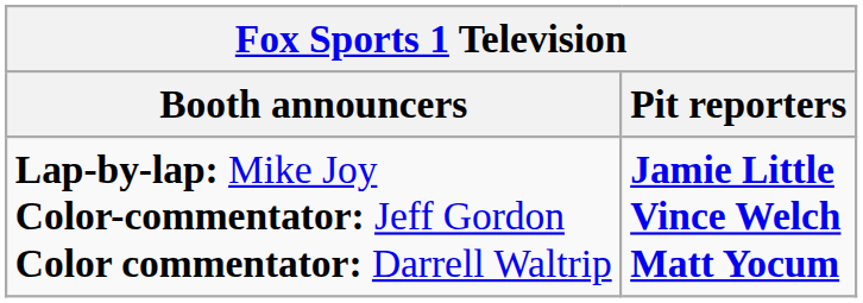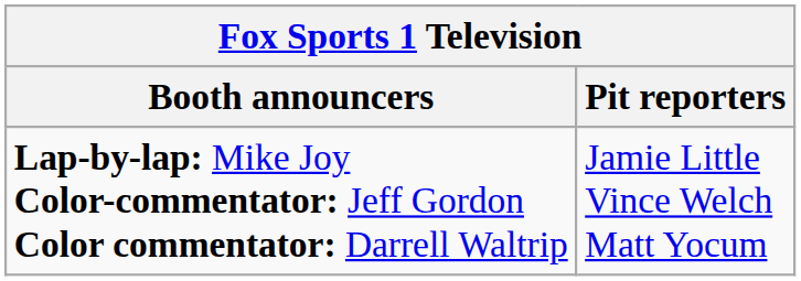 <table class="wikitable" style="font-size: 95%;">
 <tr>
 <th colspan="2"><a href='#'>Fox Sports 1</a> Television</th>
 </tr>
 <tr>
 <th>Booth announcers</th>
 <th>Pit reporters</th>
 </tr>
 <tr>
 <td><strong>Lap-by-lap:</strong> <a href='#'>Mike Joy</a><br><strong>Color-commentator:</strong> <a href='#'>Jeff Gordon</a><br><strong>Color commentator:</strong> <a href='#'>Darrell Waltrip</a></td>
-<td><strong><a href='#'>Jamie Little</a><br><a href='#'>Vince Welch</a><br><a href='#'>Matt Yocum</a></strong></td>
+<td><a href='#'>Jamie Little</a><br><a href='#'>Vince Welch</a><br><a href='#'>Matt Yocum</a></td>
 </tr>
 </table>
